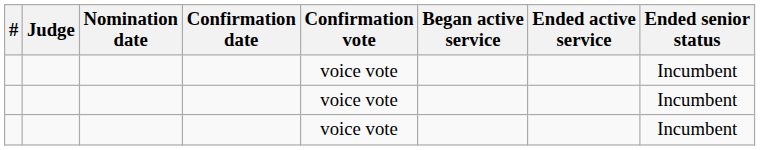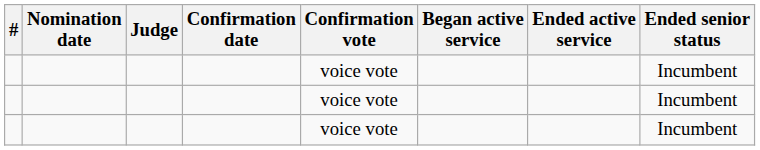 <table class="sortable wikitable">
 <tr>
 <th>#</th>
+<th>Nomination<br>date</th>
 <th>Judge</th>
-<th>Nomination<br>date</th>
 <th>Confirmation<br>date</th>
 <th>Confirmation<br>vote</th>
 <th>Began active<br>service</th>
 <th>Ended active<br>service</th>
 <th>Ended senior<br>status</th>
 </tr>
 <tr>
 <td></td>
 <td></td>
 <td></td>
 <td></td>
 <td align="center">voice vote</td>
 <td></td>
 <td></td>
 <td align="center">Incumbent</td>
 </tr>
 <tr>
 <td></td>
 <td></td>
 <td></td>
 <td></td>
 <td align="center">voice vote</td>
 <td></td>
 <td></td>
 <td align="center">Incumbent</td>
 </tr>
 <tr>
 <td></td>
 <td></td>
 <td></td>
 <td></td>
 <td align="center">voice vote</td>
 <td></td>
 <td></td>
 <td align="center">Incumbent</td>
 </tr>
 </table>
